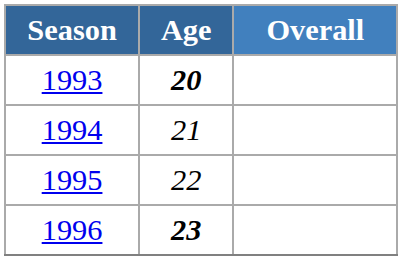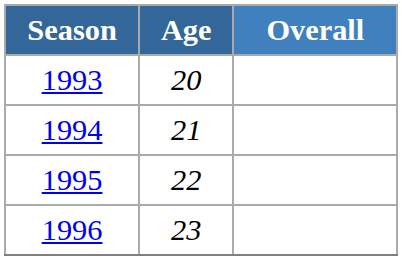 <table class="wikitable" style="font-size:95%; text-align:center; border:grey solid 1px; border-collapse:collapse; background:#ffffff;">
 <tr>
 <th style="background-color:#369; color:white; width:60px;"> Season </th>
 <th style="background-color:#369; color:white; width:40px;"> Age </th>
 <th style="background-color:#4180be; color:white; width:75px;">Overall</th>
 </tr>
 <tr>
 <td><a href='#'>1993</a></td>
-<td><strong><em>20</em></strong></td>
+<td><em>20</em></td>
 <td></td>
 </tr>
 <tr>
 <td><a href='#'>1994</a></td>
 <td><em>21</em></td>
 <td></td>
 </tr>
 <tr>
 <td><a href='#'>1995</a></td>
 <td><em>22</em></td>
 <td></td>
 </tr>
 <tr>
 <td><a href='#'>1996</a></td>
-<td><strong><em>23</em></strong></td>
+<td><em>23</em></td>
 <td></td>
 </tr>
 <tr>
 </tr>
 </table>
